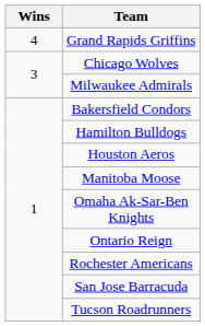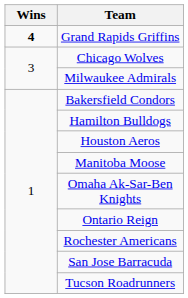 <table class="wikitable" style="text-align:center; margin-left:1em; float:right">
 <tr>
 <th width="55">Wins</th>
 <th align="center" width="145">Team</th>
 </tr>
 <tr>
-<td>4</td>
+<td><strong>4</strong></td>
 <td><a href='#'>Grand Rapids Griffins</a></td>
 </tr>
 <tr>
 <td rowspan=2>3</td>
 <td><a href='#'>Chicago Wolves</a></td>
 </tr>
 <tr>
 <td><a href='#'>Milwaukee Admirals</a></td>
 </tr>
 <tr>
 <td rowspan=9>1</td>
 <td><a href='#'>Bakersfield Condors</a></td>
 </tr>
 <tr>
 <td><a href='#'>Hamilton Bulldogs</a></td>
 </tr>
 <tr>
 <td><a href='#'>Houston Aeros</a></td>
 </tr>
 <tr>
 <td><a href='#'>Manitoba Moose</a></td>
 </tr>
 <tr>
 <td><a href='#'>Omaha Ak-Sar-Ben Knights</a></td>
 </tr>
 <tr>
 <td><a href='#'>Ontario Reign</a></td>
 </tr>
 <tr>
 <td><a href='#'>Rochester Americans</a></td>
 </tr>
 <tr>
 <td><a href='#'>San Jose Barracuda</a></td>
 </tr>
 <tr>
 <td><a href='#'>Tucson Roadrunners</a></td>
 </tr>
 </table>
